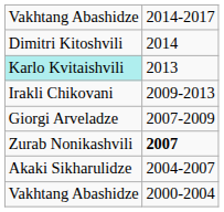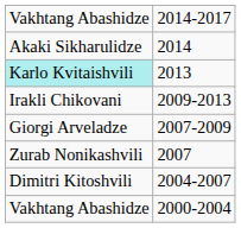 <table class="wikitable">
 <tr>
 <td>Vakhtang Abashidze</td>
 <td>2014-2017</td>
 </tr>
 <tr>
-<td>Dimitri Kitoshvili</td>
+<td>Akaki Sikharulidze</td>
 <td>2014</td>
 </tr>
 <tr>
 <td style="background: paleturquoise;">Karlo Kvitaishvili</td>
 <td>2013</td>
 </tr>
 <tr>
 <td>Irakli Chikovani</td>
 <td>2009-2013</td>
 </tr>
 <tr>
 <td>Giorgi Arveladze</td>
 <td>2007-2009</td>
 </tr>
 <tr>
 <td>Zurab Nonikashvili</td>
-<td><strong>2007</strong></td>
+<td>2007</td>
 </tr>
 <tr>
-<td>Akaki Sikharulidze</td>
+<td>Dimitri Kitoshvili</td>
 <td>2004-2007</td>
 </tr>
 <tr>
 <td>Vakhtang Abashidze</td>
 <td>2000-2004</td>
 </tr>
 </table>
